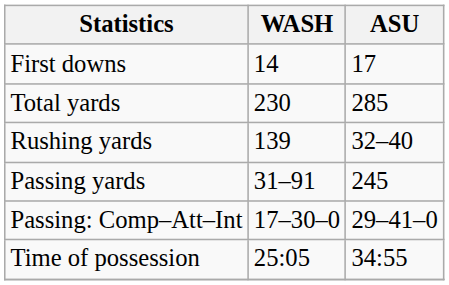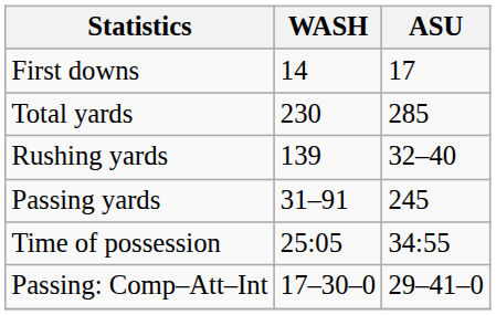 <table class="wikitable" style="float: left;">
 <tr>
 <th>Statistics</th>
 <th>WASH</th>
 <th>ASU</th>
 </tr>
 <tr>
 <td>First downs</td>
 <td>14</td>
 <td>17</td>
 </tr>
 <tr>
 <td>Total yards</td>
 <td>230</td>
 <td>285</td>
 </tr>
 <tr>
 <td>Rushing yards</td>
 <td>139</td>
 <td>32–40</td>
 </tr>
 <tr>
 <td>Passing yards</td>
 <td>31–91</td>
 <td>245</td>
 </tr>
 <tr>
+<td>Time of possession</td>
+<td>25:05</td>
+<td>34:55</td>
+</tr>
+<tr>
 <td>Passing: Comp–Att–Int</td>
 <td>17–30–0</td>
 <td>29–41–0</td>
 </tr>
 <tr>
-<td>Time of possession</td>
-<td>25:05</td>
-<td>34:55</td>
-</tr>
-<tr>
 </tr>
 </table>
